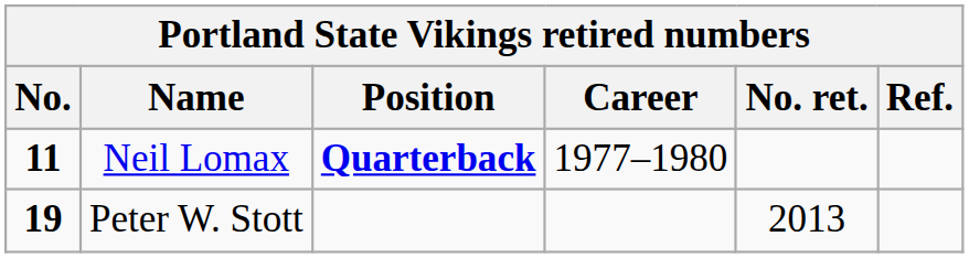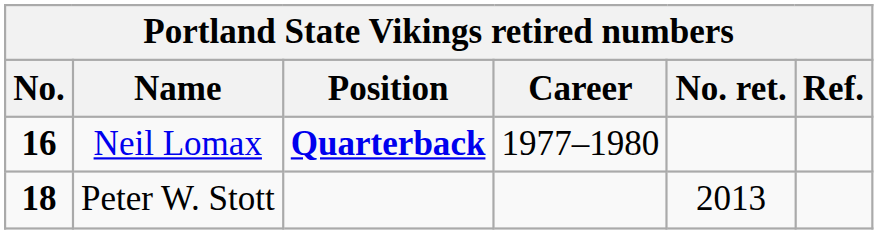 <table class="wikitable" style=text-align:center>
 <tr>
 <th colspan=6>Portland State Vikings retired numbers</th>
 </tr>
 <tr>
 <th style= >No.</th>
 <th style= >Name</th>
 <th style= >Position</th>
 <th style= >Career</th>
 <th style= >No. ret.</th>
 <th style= >Ref.</th>
 </tr>
 <tr>
-<td><strong>11</strong></td>
+<td><strong>16</strong></td>
 <td><a href='#'>Neil Lomax</a></td>
 <td><strong><a href='#'>Quarterback</a></strong></td>
 <td>1977–1980</td>
 <td></td>
 <td></td>
 </tr>
 <tr>
-<td><strong>19</strong></td>
+<td><strong>18</strong></td>
 <td>Peter W. Stott</td>
 <td></td>
 <td></td>
 <td>2013</td>
 <td></td>
 </tr>
 </table>
